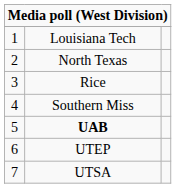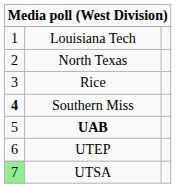 <table class="wikitable" style="display: inline-table;">
 <tr>
 <td align="center" Colspan="3"><strong>Media poll (West Division)</strong></td>
 </tr>
 <tr align="center">
 </tr>
 <tr align="center">
 <td>1</td>
 <td>Louisiana Tech</td>
 <td></td>
 </tr>
 <tr align="center">
 <td>2</td>
 <td>North Texas</td>
 <td></td>
 </tr>
 <tr align="center">
 <td>3</td>
 <td>Rice</td>
 <td></td>
 </tr>
 <tr align="center">
-<td>4</td>
+<td><strong>4</strong></td>
 <td>Southern Miss</td>
 <td></td>
 </tr>
 <tr align="center">
 <td>5</td>
 <td><strong>UAB</strong></td>
 <td></td>
 </tr>
 <tr align="center">
 <td>6</td>
 <td>UTEP</td>
 <td></td>
 </tr>
 <tr align="center">
-<td>7</td>
+<td style="background: lightgreen;">7</td>
 <td>UTSA</td>
 <td></td>
 </tr>
 </table>
